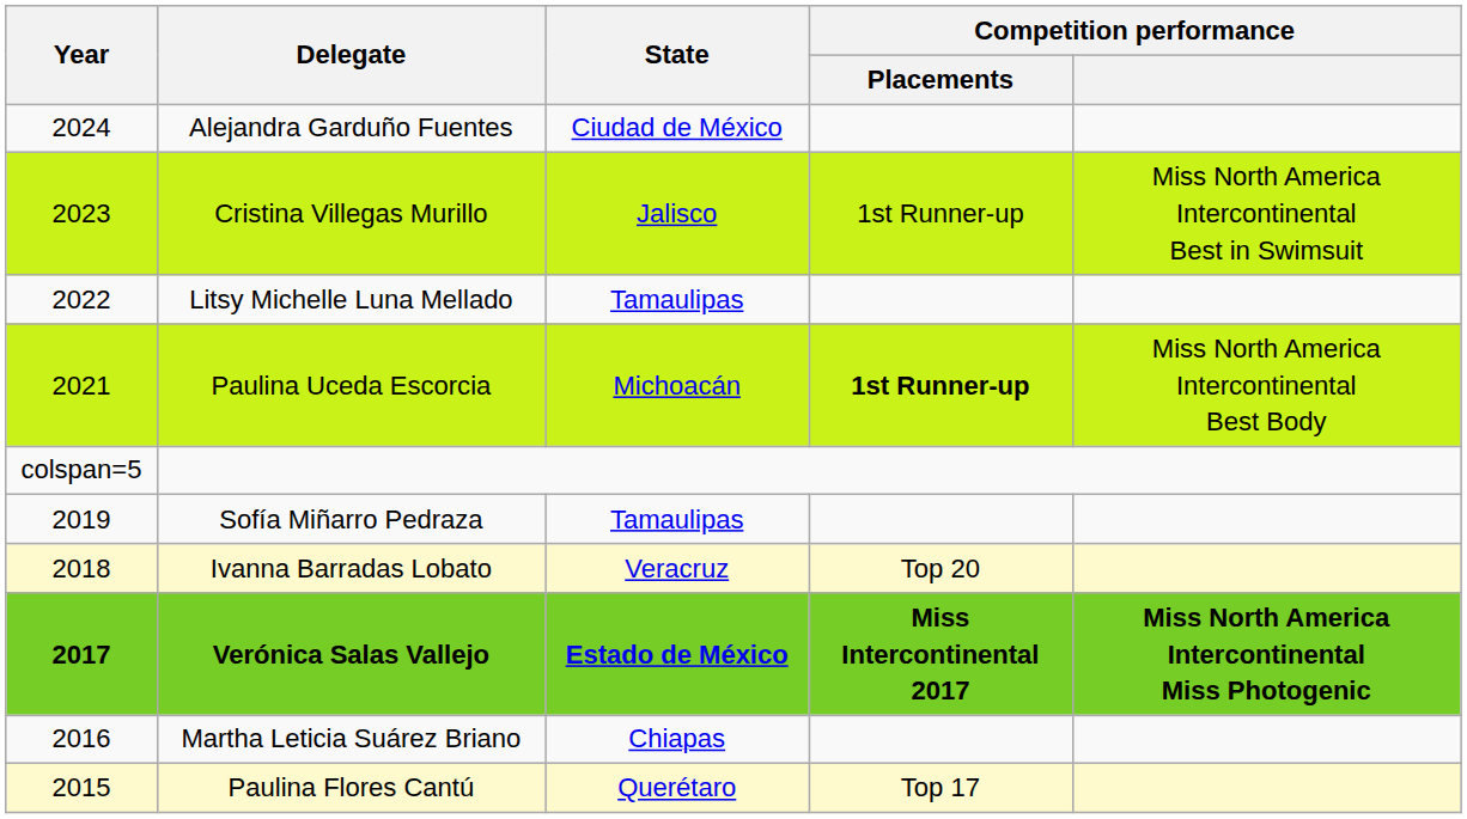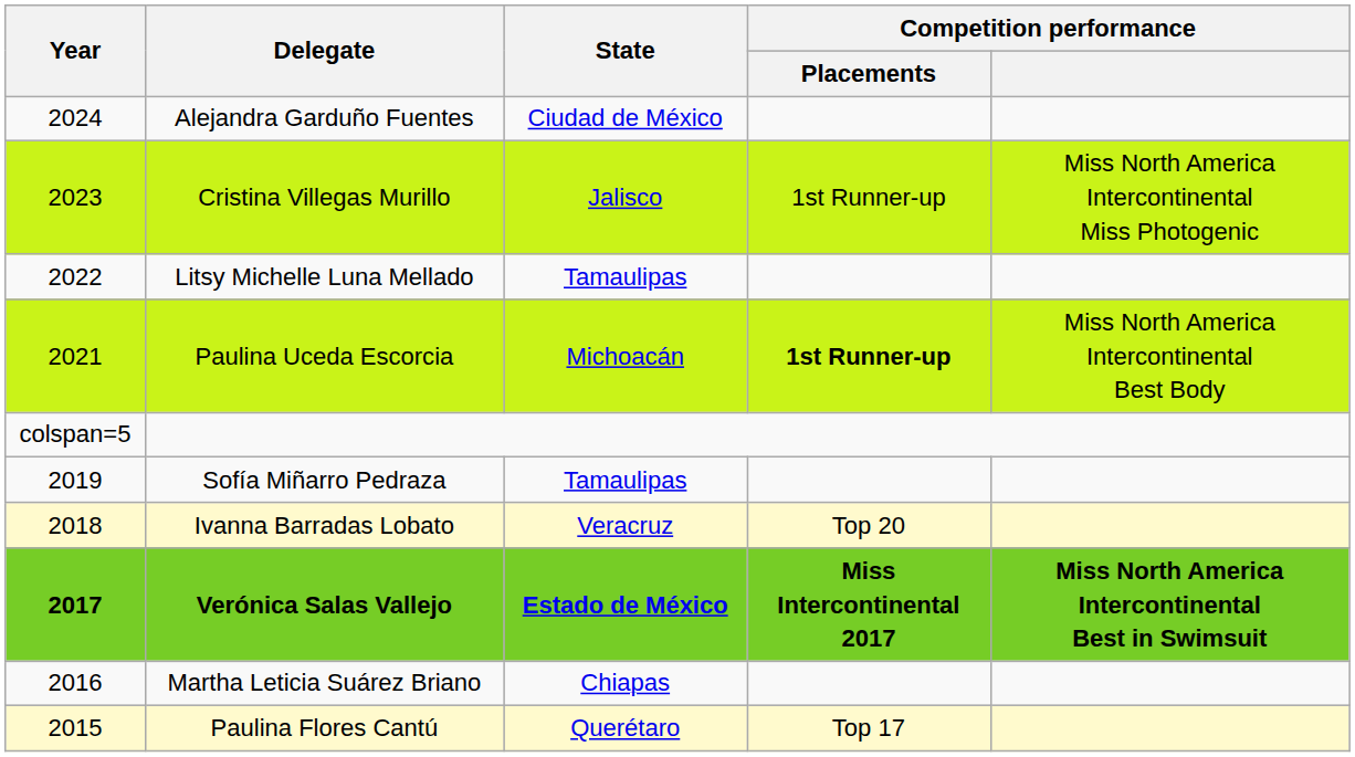 <table class="wikitable" style="text-align:center; line-height:20px; font-size:90%; width:90%;">
 <tr>
 <th rowspan="2"  width=60px>Year</th>
 <th rowspan="2"  width=180px>Delegate</th>
 <th rowspan="2"  width=120px>State</th>
 <th colspan="2"  width=200px>Competition performance</th>
 </tr>
 <tr>
 <th width=120px>Placements</th>
 <th width=180px></th>
 </tr>
 <tr>
 <td>2024</td>
 <td>Alejandra Garduño Fuentes</td>
 <td><a href='#'>Ciudad de México</a></td>
 <td></td>
 <td></td>
 </tr>
 <tr style="background:#c9f318">
 <td>2023</td>
 <td>Cristina Villegas Murillo</td>
 <td><a href='#'>Jalisco</a></td>
 <td>1st Runner-up</td>
-<td>Miss North America Intercontinental<br>Best in Swimsuit</td>
+<td>Miss North America Intercontinental<br>Miss Photogenic</td>
 </tr>
 <tr>
 <td>2022</td>
 <td>Litsy Michelle Luna Mellado</td>
 <td><a href='#'>Tamaulipas</a></td>
 <td></td>
 <td></td>
 </tr>
 <tr style="background:#c9f318">
 <td>2021</td>
 <td>Paulina Uceda Escorcia</td>
 <td><a href='#'>Michoacán</a></td>
 <td><strong>1st Runner-up</strong></td>
 <td>Miss North America Intercontinental<br>Best Body</td>
 </tr>
 <tr>
 <td>colspan=5 </td>
 </tr>
 <tr>
 <td>2019</td>
 <td>Sofía Miñarro Pedraza</td>
 <td><a href='#'>Tamaulipas</a></td>
 <td></td>
 <td></td>
 </tr>
 <tr style="background:#FFFACD">
 <td>2018</td>
 <td>Ivanna Barradas Lobato</td>
 <td><a href='#'>Veracruz</a></td>
 <td>Top 20</td>
 <td></td>
 </tr>
 <tr style="background-color:#76CD26; font-weight: bold">
 <td>2017</td>
 <td>Verónica Salas Vallejo</td>
 <td><a href='#'>Estado de México</a></td>
 <td align="center">Miss Intercontinental 2017</td>
-<td>Miss North America Intercontinental<br>Miss Photogenic</td>
+<td>Miss North America Intercontinental<br>Best in Swimsuit</td>
 </tr>
 <tr>
 <td>2016</td>
 <td>Martha Leticia Suárez Briano</td>
 <td><a href='#'>Chiapas</a></td>
 <td></td>
 <td></td>
 </tr>
 <tr style="background:#FFFACD">
 <td>2015</td>
 <td>Paulina Flores Cantú</td>
 <td><a href='#'>Querétaro</a></td>
 <td>Top 17</td>
 <td></td>
 </tr>
 </table>
